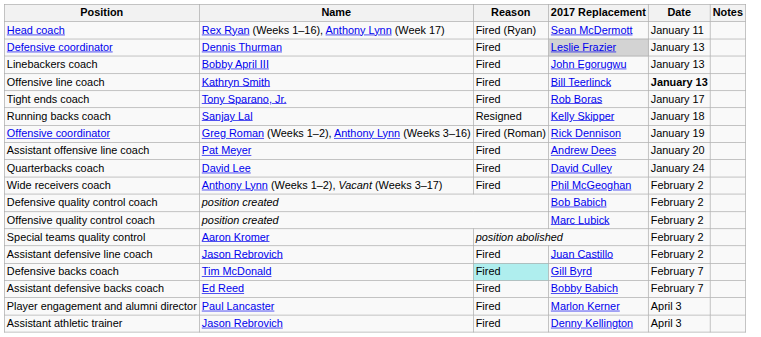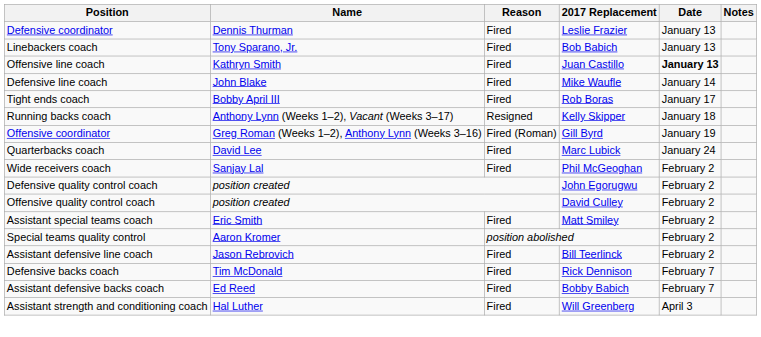 <table class="wikitable">
 <tr>
 <th>Position</th>
 <th>Name</th>
 <th>Reason</th>
 <th>2017 Replacement</th>
 <th>Date</th>
 <th>Notes</th>
 </tr>
 <tr>
-<td><a href='#'>Head coach</a></td>
-<td><a href='#'>Rex Ryan</a> (Weeks 1–16), <a href='#'>Anthony Lynn</a> (Week 17)</td>
-<td>Fired (Ryan)</td>
-<td><a href='#'>Sean McDermott</a></td>
-<td>January 11</td>
-<td></td>
-</tr>
-<tr>
 <td><a href='#'>Defensive coordinator</a></td>
 <td><a href='#'>Dennis Thurman</a></td>
 <td>Fired</td>
-<td style="background: lightgrey;"><a href='#'>Leslie Frazier</a></td>
+<td><a href='#'>Leslie Frazier</a></td>
 <td>January 13</td>
 <td></td>
 </tr>
 <tr>
 <td>Linebackers coach</td>
-<td><a href='#'>Bobby April III</a></td>
+<td><a href='#'>Tony Sparano, Jr.</a></td>
 <td>Fired</td>
-<td><a href='#'>John Egorugwu</a></td>
+<td><a href='#'>Bob Babich</a></td>
 <td>January 13</td>
 <td></td>
 </tr>
 <tr>
 <td>Offensive line coach</td>
 <td><a href='#'>Kathryn Smith</a></td>
 <td>Fired</td>
-<td><a href='#'>Bill Teerlinck</a></td>
+<td><a href='#'>Juan Castillo</a></td>
 <td><strong>January 13</strong></td>
 <td></td>
 </tr>
 <tr>
+<td>Defensive line coach</td>
+<td><a href='#'>John Blake</a></td>
+<td>Fired</td>
+<td><a href='#'>Mike Waufle</a></td>
+<td>January 14</td>
+<td></td>
+</tr>
+<tr>
 <td>Tight ends coach</td>
-<td><a href='#'>Tony Sparano, Jr.</a></td>
+<td><a href='#'>Bobby April III</a></td>
 <td>Fired</td>
 <td><a href='#'>Rob Boras</a></td>
 <td>January 17</td>
 <td></td>
 </tr>
 <tr>
 <td>Running backs coach</td>
-<td><a href='#'>Sanjay Lal</a></td>
+<td><a href='#'>Anthony Lynn</a> (Weeks 1–2), <em>Vacant</em> (Weeks 3–17)</td>
 <td>Resigned</td>
 <td><a href='#'>Kelly Skipper</a></td>
 <td>January 18</td>
 <td></td>
 </tr>
 <tr>
 <td><a href='#'>Offensive coordinator</a></td>
 <td><a href='#'>Greg Roman</a> (Weeks 1–2), <a href='#'>Anthony Lynn</a> (Weeks 3–16)</td>
 <td>Fired (Roman)</td>
-<td><a href='#'>Rick Dennison</a></td>
+<td><a href='#'>Gill Byrd</a></td>
 <td>January 19</td>
-<td></td>
-</tr>
-<tr>
-<td>Assistant offensive line coach</td>
-<td><a href='#'>Pat Meyer</a></td>
-<td>Fired</td>
-<td><a href='#'>Andrew Dees</a></td>
-<td>January 20</td>
 <td></td>
 </tr>
 <tr>
 <td>Quarterbacks coach</td>
 <td><a href='#'>David Lee</a></td>
 <td>Fired</td>
-<td><a href='#'>David Culley</a></td>
+<td><a href='#'>Marc Lubick</a></td>
 <td>January 24</td>
 <td></td>
 </tr>
 <tr>
 <td>Wide receivers coach</td>
-<td><a href='#'>Anthony Lynn</a> (Weeks 1–2), <em>Vacant</em> (Weeks 3–17)</td>
+<td><a href='#'>Sanjay Lal</a></td>
 <td>Fired</td>
 <td><a href='#'>Phil McGeoghan</a></td>
 <td>February 2</td>
 <td></td>
 </tr>
 <tr>
 <td>Defensive quality control coach</td>
 <td colspan="2"><em>position created</em></td>
-<td><a href='#'>Bob Babich</a></td>
+<td><a href='#'>John Egorugwu</a></td>
 <td>February 2</td>
 <td></td>
 </tr>
 <tr>
 <td>Offensive quality control coach</td>
 <td colspan="2"><em>position created</em></td>
-<td><a href='#'>Marc Lubick</a></td>
+<td><a href='#'>David Culley</a></td>
+<td>February 2</td>
+<td></td>
+</tr>
+<tr>
+<td>Assistant special teams coach</td>
+<td><a href='#'>Eric Smith</a></td>
+<td>Fired</td>
+<td><a href='#'>Matt Smiley</a></td>
 <td>February 2</td>
 <td></td>
 </tr>
 <tr>
 <td>Special teams quality control</td>
 <td><a href='#'>Aaron Kromer</a></td>
 <td colspan="2"><em>position abolished</em></td>
 <td>February 2</td>
 <td></td>
 </tr>
 <tr>
 <td>Assistant defensive line coach</td>
 <td><a href='#'>Jason Rebrovich</a></td>
 <td>Fired</td>
-<td><a href='#'>Juan Castillo</a></td>
+<td><a href='#'>Bill Teerlinck</a></td>
 <td>February 2</td>
 <td></td>
 </tr>
 <tr>
 <td>Defensive backs coach</td>
 <td><a href='#'>Tim McDonald</a></td>
-<td style="background: paleturquoise;">Fired</td>
-<td><a href='#'>Gill Byrd</a></td>
+<td>Fired</td>
+<td><a href='#'>Rick Dennison</a></td>
 <td>February 7</td>
 <td></td>
 </tr>
 <tr>
 <td>Assistant defensive backs coach</td>
 <td><a href='#'>Ed Reed</a></td>
 <td>Fired</td>
 <td><a href='#'>Bobby Babich</a></td>
 <td>February 7</td>
 <td></td>
 </tr>
 <tr>
-<td>Player engagement and alumni director</td>
-<td><a href='#'>Paul Lancaster</a></td>
+<td>Assistant strength and conditioning coach</td>
+<td><a href='#'>Hal Luther</a></td>
 <td>Fired</td>
-<td><a href='#'>Marlon Kerner</a></td>
-<td>April 3</td>
-<td></td>
-</tr>
-<tr>
-<td>Assistant athletic trainer</td>
-<td><a href='#'>Jason Rebrovich</a></td>
-<td>Fired</td>
-<td><a href='#'>Denny Kellington</a></td>
+<td><a href='#'>Will Greenberg</a></td>
 <td>April 3</td>
 <td></td>
 </tr>
 </table>
